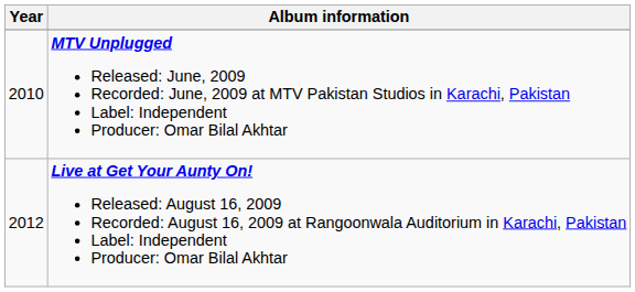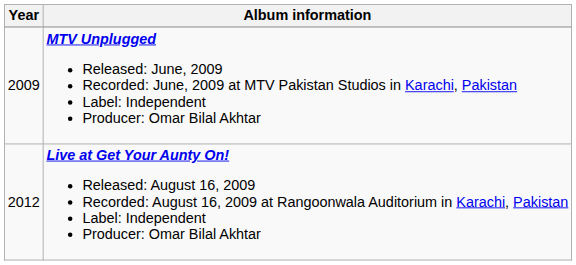 <table class="wikitable">
 <tr>
 <th>Year</th>
 <th>Album information</th>
 </tr>
 <tr>
 </tr>
 <tr>
-<td>2010</td>
+<td>2009</td>
 <td><strong><em><a href='#'>MTV Unplugged</a></em></strong><br><ul><li>Released: June, 2009</li><li>Recorded: June, 2009 at MTV Pakistan Studios in <a href='#'>Karachi</a>, <a href='#'>Pakistan</a></li><li>Label: Independent</li><li>Producer: Omar Bilal Akhtar</li></ul></td>
 </tr>
 <tr>
 <td>2012</td>
 <td><strong><em><a href='#'>Live at Get Your Aunty On!</a></em></strong><br><ul><li>Released: August 16, 2009</li><li>Recorded: August 16, 2009 at Rangoonwala Auditorium in <a href='#'>Karachi</a>, <a href='#'>Pakistan</a></li><li>Label: Independent</li><li>Producer: Omar Bilal Akhtar</li></ul></td>
 </tr>
 </table>
